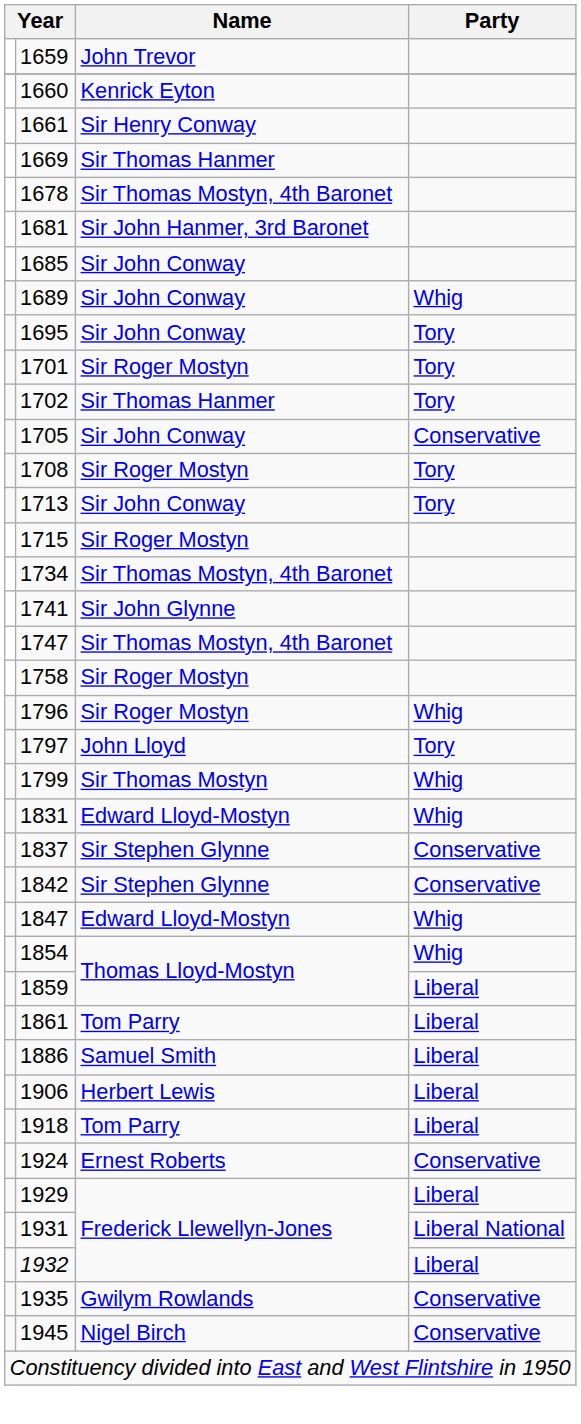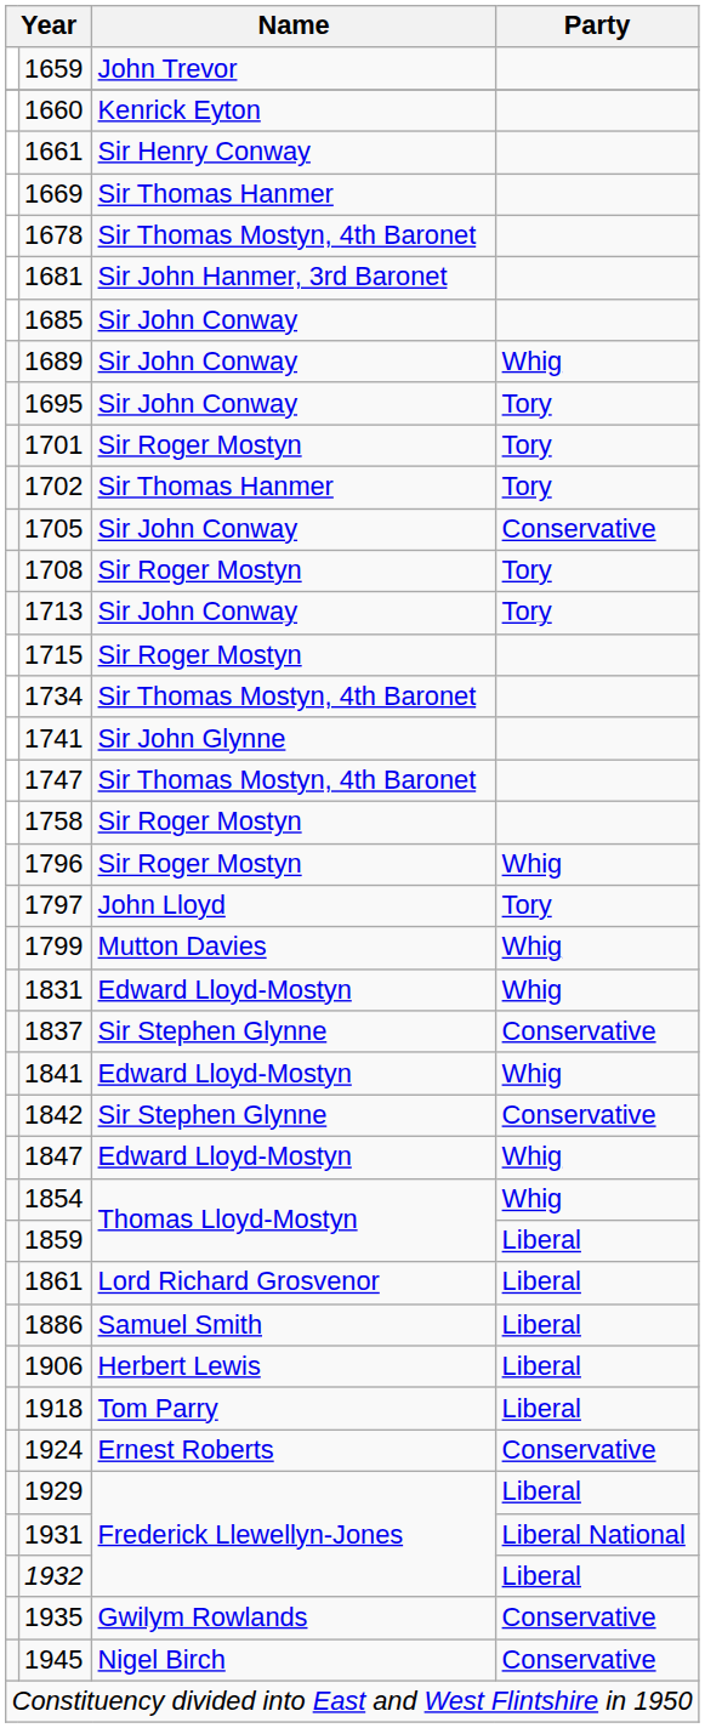 <table class="wikitable">
 <tr>
 <th colspan="2">Year</th>
 <th>Name</th>
 <th>Party</th>
 </tr>
 <tr>
 <td style="color:inherit;background-color: white"></td>
 <td>1659</td>
 <td><a href='#'>John Trevor</a></td>
 <td></td>
 </tr>
 <tr>
 </tr>
 <tr>
 <td style="color:inherit;background-color: white"></td>
 <td>1660</td>
 <td><a href='#'>Kenrick Eyton</a></td>
 <td></td>
 </tr>
 <tr>
 <td style="color:inherit;background-color: white"></td>
 <td>1661</td>
 <td><a href='#'>Sir Henry Conway</a></td>
 <td></td>
 </tr>
 <tr>
 <td style="color:inherit;background-color: white"></td>
 <td>1669</td>
 <td><a href='#'>Sir Thomas Hanmer</a></td>
 <td></td>
 </tr>
 <tr>
 <td style="color:inherit;background-color: white"></td>
 <td>1678</td>
 <td><a href='#'>Sir Thomas Mostyn, 4th Baronet</a></td>
 <td></td>
 </tr>
 <tr>
 <td style="color:inherit;background-color: white"></td>
 <td>1681</td>
 <td><a href='#'>Sir John Hanmer, 3rd Baronet</a></td>
 <td></td>
 </tr>
 <tr>
 <td style="color:inherit;background-color: white"></td>
 <td>1685</td>
 <td><a href='#'>Sir John Conway</a></td>
 <td></td>
 </tr>
 <tr>
 <td style="color:inherit;background-color: "></td>
 <td>1689</td>
 <td><a href='#'>Sir John Conway</a></td>
 <td><a href='#'>Whig</a></td>
 </tr>
 <tr>
 <td style="color:inherit;background-color: "></td>
 <td>1695</td>
 <td><a href='#'>Sir John Conway</a></td>
 <td><a href='#'>Tory</a></td>
 </tr>
 <tr>
 <td style="color:inherit;background-color: "></td>
 <td>1701</td>
 <td><a href='#'>Sir Roger Mostyn</a></td>
 <td><a href='#'>Tory</a></td>
 </tr>
 <tr>
 <td style="color:inherit;background-color: "></td>
 <td>1702</td>
 <td><a href='#'>Sir Thomas Hanmer</a></td>
 <td><a href='#'>Tory</a></td>
 </tr>
 <tr>
 <td style="color:inherit;background-color: "></td>
 <td>1705</td>
 <td><a href='#'>Sir John Conway</a></td>
 <td><a href='#'>Conservative</a></td>
 </tr>
 <tr>
 <td style="color:inherit;background-color: "></td>
 <td>1708</td>
 <td><a href='#'>Sir Roger Mostyn</a></td>
 <td><a href='#'>Tory</a></td>
 </tr>
 <tr>
 <td style="color:inherit;background-color: "></td>
 <td>1713</td>
 <td><a href='#'>Sir John Conway</a></td>
 <td><a href='#'>Tory</a></td>
 </tr>
 <tr>
 <td style="color:inherit;background-color: white"></td>
 <td>1715</td>
 <td><a href='#'>Sir Roger Mostyn</a></td>
 <td></td>
 </tr>
 <tr>
 <td style="color:inherit;background-color: white"></td>
 <td>1734</td>
 <td><a href='#'>Sir Thomas Mostyn, 4th Baronet</a></td>
 <td></td>
 </tr>
 <tr>
 <td style="color:inherit;background-color: white"></td>
 <td>1741</td>
 <td><a href='#'>Sir John Glynne</a></td>
 <td></td>
 </tr>
 <tr>
 <td style="color:inherit;background-color: white"></td>
 <td>1747</td>
 <td><a href='#'>Sir Thomas Mostyn, 4th Baronet</a></td>
 <td></td>
 </tr>
 <tr>
 <td style="color:inherit;background-color: white"></td>
 <td>1758</td>
 <td><a href='#'>Sir Roger Mostyn</a></td>
 <td></td>
 </tr>
 <tr>
 <td style="color:inherit;background-color: "></td>
 <td>1796</td>
 <td><a href='#'>Sir Roger Mostyn</a></td>
 <td><a href='#'>Whig</a></td>
 </tr>
 <tr>
 <td style="color:inherit;background-color: "></td>
 <td>1797</td>
 <td><a href='#'>John Lloyd</a></td>
 <td><a href='#'>Tory</a></td>
 </tr>
 <tr>
 <td style="color:inherit;background-color: "></td>
 <td>1799</td>
-<td><a href='#'>Sir Thomas Mostyn</a></td>
+<td><a href='#'>Mutton Davies</a></td>
 <td><a href='#'>Whig</a></td>
 </tr>
 <tr>
 <td style="color:inherit;background-color: "></td>
 <td>1831</td>
 <td><a href='#'>Edward Lloyd-Mostyn</a></td>
 <td><a href='#'>Whig</a></td>
 </tr>
 <tr>
 <td style="color:inherit;background-color: "></td>
 <td>1837</td>
 <td><a href='#'>Sir Stephen Glynne</a></td>
 <td><a href='#'>Conservative</a></td>
+</tr>
+<tr>
+<td style="color:inherit;background-color: "></td>
+<td>1841</td>
+<td><a href='#'>Edward Lloyd-Mostyn</a></td>
+<td><a href='#'>Whig</a></td>
 </tr>
 <tr>
 <td style="color:inherit;background-color: "></td>
 <td>1842</td>
 <td><a href='#'>Sir Stephen Glynne</a></td>
 <td><a href='#'>Conservative</a></td>
 </tr>
 <tr>
 <td style="color:inherit;background-color: "></td>
 <td>1847</td>
 <td><a href='#'>Edward Lloyd-Mostyn</a></td>
 <td><a href='#'>Whig</a></td>
 </tr>
 <tr>
 <td style="color:inherit;background-color: "></td>
 <td>1854</td>
 <td rowspan="2"><a href='#'>Thomas Lloyd-Mostyn</a></td>
 <td><a href='#'>Whig</a></td>
 </tr>
 <tr>
 <td style="color:inherit;background-color: "></td>
 <td>1859</td>
 <td><a href='#'>Liberal</a></td>
 </tr>
 <tr>
 <td style="color:inherit;background-color: "></td>
 <td>1861</td>
-<td><a href='#'>Tom Parry</a></td>
+<td><a href='#'>Lord Richard Grosvenor</a></td>
 <td><a href='#'>Liberal</a></td>
 </tr>
 <tr>
 <td style="color:inherit;background-color: "></td>
 <td>1886</td>
 <td><a href='#'>Samuel Smith</a></td>
 <td><a href='#'>Liberal</a></td>
 </tr>
 <tr>
 <td style="color:inherit;background-color: "></td>
 <td>1906</td>
 <td><a href='#'>Herbert Lewis</a></td>
 <td><a href='#'>Liberal</a></td>
 </tr>
 <tr>
 <td style="color:inherit;background-color: "></td>
 <td>1918</td>
 <td><a href='#'>Tom Parry</a></td>
 <td><a href='#'>Liberal</a></td>
 </tr>
 <tr>
 <td style="color:inherit;background-color: "></td>
 <td>1924</td>
 <td><a href='#'>Ernest Roberts</a></td>
 <td><a href='#'>Conservative</a></td>
 </tr>
 <tr>
 <td style="color:inherit;background-color: "></td>
 <td>1929</td>
 <td rowspan=3><a href='#'>Frederick Llewellyn-Jones</a></td>
 <td><a href='#'>Liberal</a></td>
 </tr>
 <tr>
 <td style="color:inherit;background-color: "></td>
 <td>1931</td>
 <td><a href='#'>Liberal National</a></td>
 </tr>
 <tr>
 <td style="color:inherit;background-color: "></td>
 <td><em>1932</em></td>
 <td><a href='#'>Liberal</a></td>
 </tr>
 <tr>
 <td style="color:inherit;background-color: "></td>
 <td>1935</td>
 <td><a href='#'>Gwilym Rowlands</a></td>
 <td><a href='#'>Conservative</a></td>
 </tr>
 <tr>
 <td style="color:inherit;background-color: "></td>
 <td>1945</td>
 <td><a href='#'>Nigel Birch</a></td>
 <td><a href='#'>Conservative</a></td>
 </tr>
 <tr>
 <td colspan="4"><em>Constituency divided into <a href='#'>East</a> and <a href='#'>West Flintshire</a> in 1950</em></td>
 </tr>
 </table>
